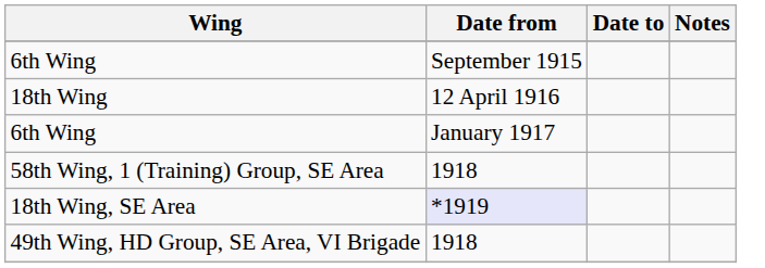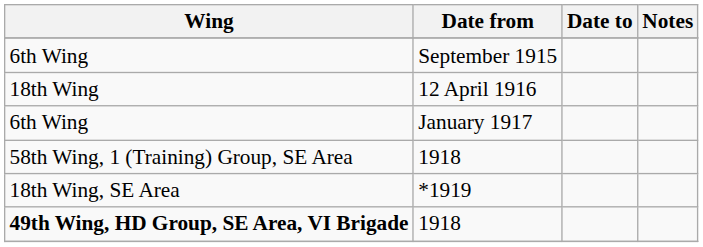 <table class="wikitable">
 <tr>
 <th>Wing</th>
 <th>Date from</th>
 <th>Date to</th>
 <th>Notes</th>
 </tr>
 <tr>
 </tr>
 <tr>
 <td>6th Wing</td>
 <td>September 1915</td>
 <td></td>
 <td></td>
 </tr>
 <tr>
 <td>18th Wing</td>
 <td>12 April 1916</td>
 <td></td>
 <td></td>
 </tr>
 <tr>
 <td>6th Wing</td>
 <td>January 1917</td>
 <td></td>
 <td></td>
 </tr>
 <tr>
 <td>58th Wing, 1 (Training) Group, SE Area</td>
 <td>1918</td>
 <td></td>
 <td></td>
 </tr>
 <tr>
 <td>18th Wing, SE Area</td>
-<td style="background: lavender;">*1919</td>
+<td>*1919</td>
 <td></td>
 <td></td>
 </tr>
 <tr>
-<td>49th Wing, HD Group, SE Area, VI Brigade</td>
+<td><strong>49th Wing, HD Group, SE Area, VI Brigade</strong></td>
 <td>1918</td>
 <td></td>
 <td></td>
 </tr>
 <tr>
 </tr>
 </table>
